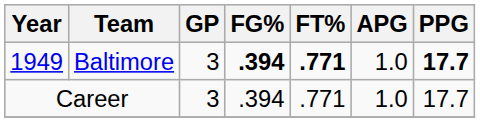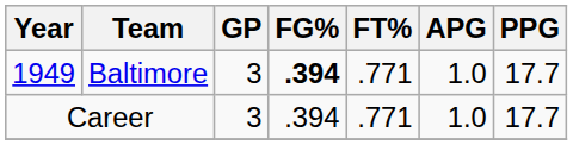 <table class="wikitable sortable" style="font-size:95%; text-align:right;">
 <tr>
 <th>Year</th>
 <th>Team</th>
 <th>GP</th>
 <th>FG%</th>
 <th>FT%</th>
 <th>APG</th>
 <th>PPG</th>
 </tr>
 <tr>
 <td style="text-align:left;"><a href='#'>1949</a></td>
 <td style="text-align:left;"><a href='#'>Baltimore</a></td>
 <td>3</td>
 <td><strong>.394</strong></td>
-<td><strong>.771</strong></td>
+<td>.771</td>
 <td>1.0</td>
-<td><strong>17.7</strong></td>
+<td>17.7</td>
 </tr>
 <tr>
 <td style="text-align:center;" colspan="2">Career</td>
 <td>3</td>
 <td>.394</td>
 <td>.771</td>
 <td>1.0</td>
 <td>17.7</td>
 </tr>
 <tr>
 </tr>
 </table>
